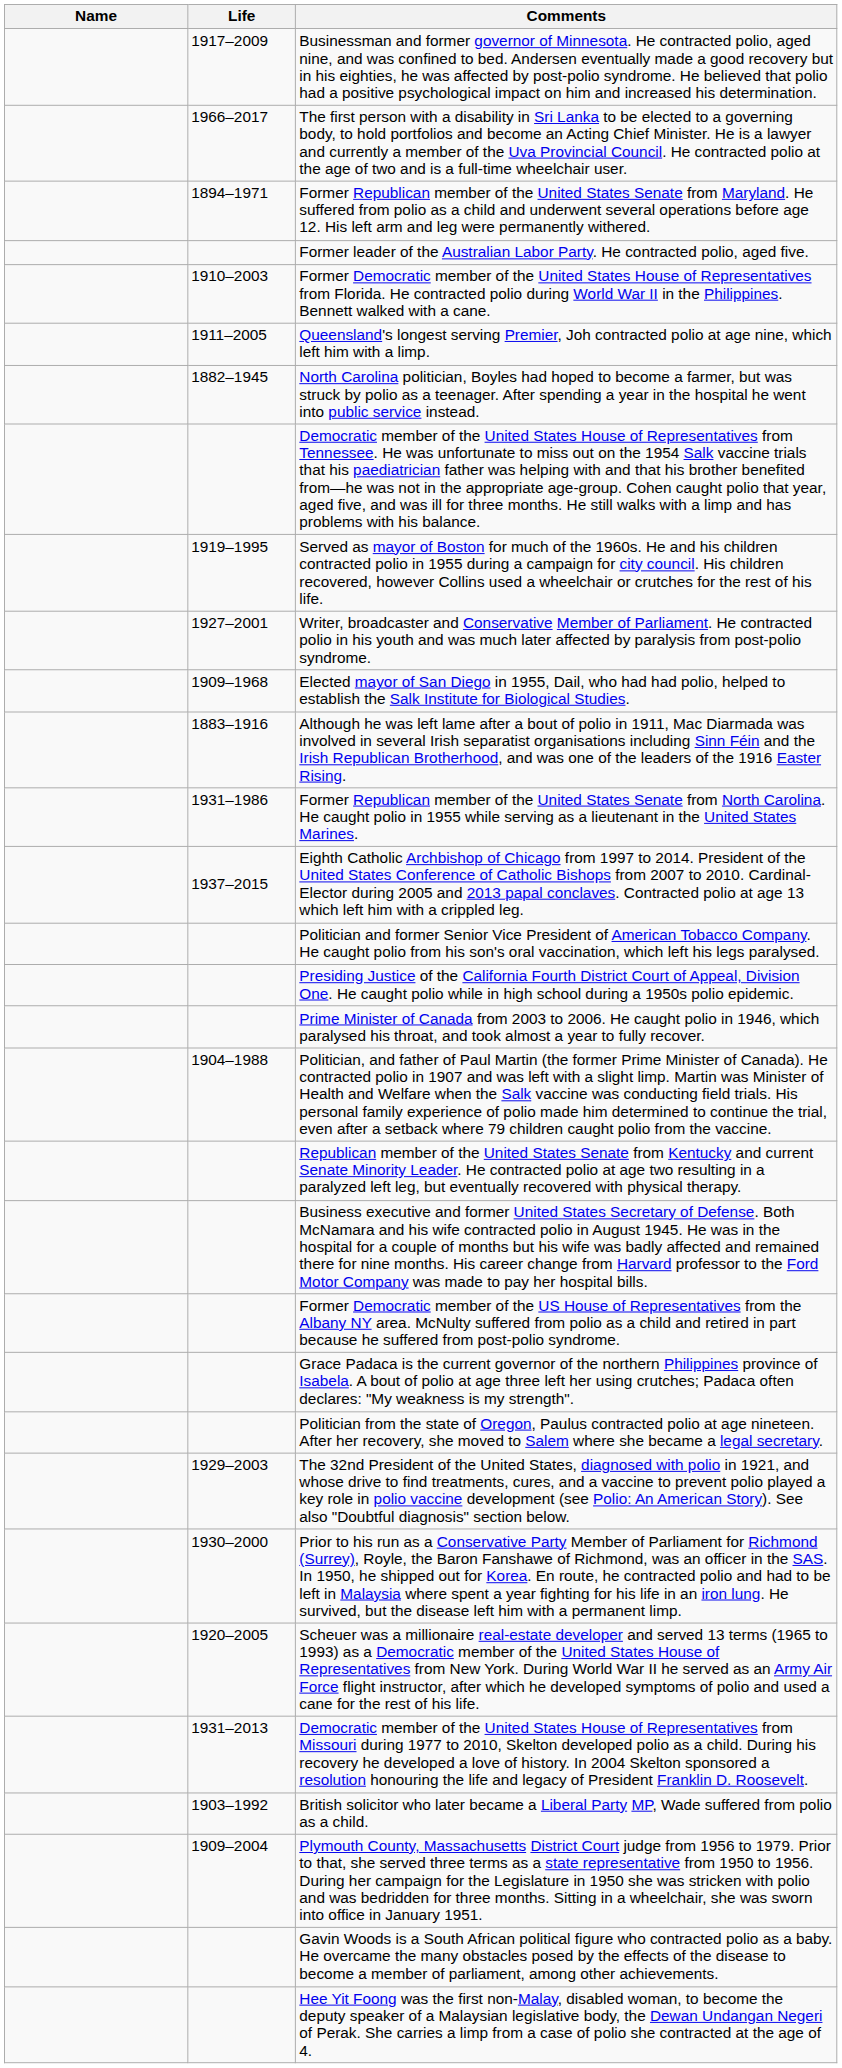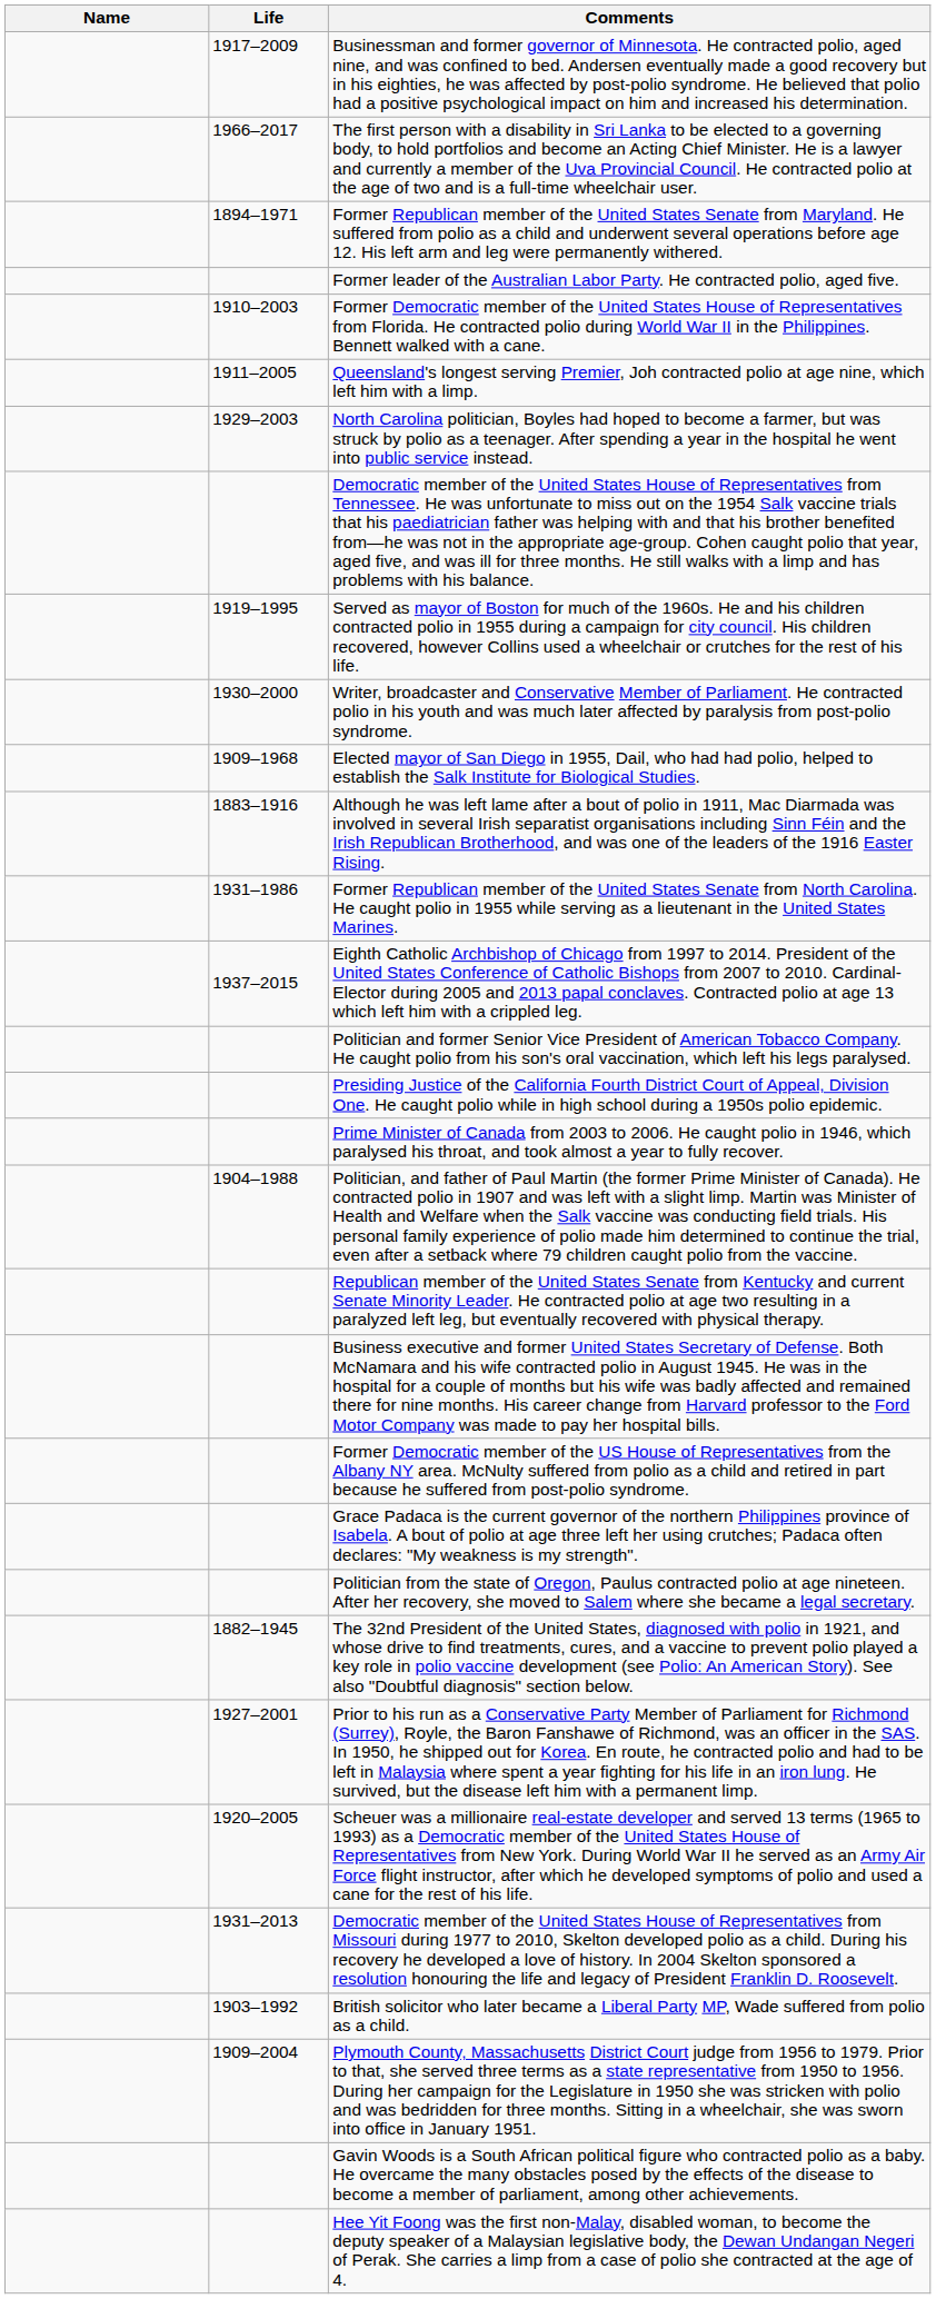 <table class="sortable wikitable">
 <tr>
 <th width="22%">Name</th>
 <th width="13%">Life</th>
 <th class="unsortable" width="65%">Comments</th>
 </tr>
 <tr valign="top">
 <td></td>
 <td>1917–2009</td>
 <td>Businessman and former <a href='#'>governor of Minnesota</a>. He contracted polio, aged nine, and was confined to bed. Andersen eventually made a good recovery but in his eighties, he was affected by post-polio syndrome. He believed that polio had a positive psychological impact on him and increased his determination.</td>
 </tr>
 <tr valign="top">
 <td></td>
 <td>1966–2017</td>
 <td>The first person with a disability in <a href='#'>Sri Lanka</a> to be elected to a governing body, to hold portfolios and become an Acting Chief Minister. He is a lawyer and currently a member of the <a href='#'>Uva Provincial Council</a>. He contracted polio at the age of two and is a full-time wheelchair user.</td>
 </tr>
 <tr valign="top">
 <td></td>
 <td>1894–1971</td>
 <td>Former <a href='#'>Republican</a> member of the <a href='#'>United States Senate</a> from <a href='#'>Maryland</a>. He suffered from polio as a child and underwent several operations before age 12. His left arm and leg were permanently withered.</td>
 </tr>
 <tr valign="top">
 <td></td>
 <td></td>
 <td>Former leader of the <a href='#'>Australian Labor Party</a>. He contracted polio, aged five.</td>
 </tr>
 <tr valign="top">
 <td></td>
 <td>1910–2003</td>
 <td>Former <a href='#'>Democratic</a> member of the <a href='#'>United States House of Representatives</a> from Florida. He contracted polio during <a href='#'>World War II</a> in the <a href='#'>Philippines</a>. Bennett walked with a cane.</td>
 </tr>
 <tr valign="top">
 <td></td>
 <td>1911–2005</td>
 <td><a href='#'>Queensland</a>'s longest serving <a href='#'>Premier</a>, Joh contracted polio at age nine, which left him with a limp.</td>
 </tr>
 <tr valign="top">
 <td></td>
-<td>1882–1945</td>
+<td>1929–2003</td>
 <td><a href='#'>North Carolina</a> politician, Boyles had hoped to become a farmer, but was struck by polio as a teenager. After spending a year in the hospital he went into <a href='#'>public service</a> instead.</td>
 </tr>
 <tr valign="top">
 <td></td>
 <td></td>
 <td><a href='#'>Democratic</a> member of the <a href='#'>United States House of Representatives</a> from <a href='#'>Tennessee</a>. He was unfortunate to miss out on the 1954 <a href='#'>Salk</a> vaccine trials that his <a href='#'>paediatrician</a> father was helping with and that his brother benefited from—he was not in the appropriate age-group. Cohen caught polio that year, aged five, and was ill for three months. He still walks with a limp and has problems with his balance.</td>
 </tr>
 <tr valign="top">
 <td></td>
 <td>1919–1995</td>
 <td>Served as <a href='#'>mayor of Boston</a> for much of the 1960s. He and his children contracted polio in 1955 during a campaign for <a href='#'>city council</a>. His children recovered, however Collins used a wheelchair or crutches for the rest of his life.</td>
 </tr>
 <tr valign="top">
 <td></td>
-<td>1927–2001</td>
+<td>1930–2000</td>
 <td>Writer, broadcaster and <a href='#'>Conservative</a> <a href='#'>Member of Parliament</a>. He contracted polio in his youth and was much later affected by paralysis from post-polio syndrome.</td>
 </tr>
 <tr valign="top">
 <td></td>
 <td>1909–1968</td>
 <td>Elected <a href='#'>mayor of San Diego</a> in 1955, Dail, who had had polio, helped to establish the <a href='#'>Salk Institute for Biological Studies</a>.</td>
 </tr>
 <tr valign="top">
 <td></td>
 <td>1883–1916</td>
 <td>Although he was left lame after a bout of polio in 1911, Mac Diarmada was involved in several Irish separatist organisations including <a href='#'>Sinn Féin</a> and the <a href='#'>Irish Republican Brotherhood</a>, and was one of the leaders of the 1916 <a href='#'>Easter Rising</a>.</td>
 </tr>
 <tr valign="top">
 <td></td>
 <td>1931–1986</td>
 <td>Former <a href='#'>Republican</a> member of the <a href='#'>United States Senate</a> from <a href='#'>North Carolina</a>. He caught polio in 1955 while serving as a lieutenant in the <a href='#'>United States Marines</a>.</td>
 </tr>
 <tr>
 <td></td>
 <td>1937–2015</td>
 <td>Eighth Catholic <a href='#'>Archbishop of Chicago</a> from 1997 to 2014. President of the <a href='#'>United States Conference of Catholic Bishops</a> from 2007 to 2010. Cardinal-Elector during 2005 and <a href='#'>2013 papal conclaves</a>. Contracted polio at age 13 which left him with a crippled leg.</td>
 </tr>
 <tr valign="top">
 <td></td>
 <td></td>
 <td>Politician and former Senior Vice President of <a href='#'>American Tobacco Company</a>. He caught polio from his son's oral vaccination, which left his legs paralysed.</td>
 </tr>
 <tr valign="top">
 <td></td>
 <td></td>
 <td><a href='#'>Presiding Justice</a> of the <a href='#'>California Fourth District Court of Appeal, Division One</a>.  He caught polio while in high school during a 1950s polio epidemic.</td>
 </tr>
 <tr valign="top">
 <td></td>
 <td></td>
 <td><a href='#'>Prime Minister of Canada</a> from 2003 to 2006. He caught polio in 1946, which paralysed his throat, and took almost a year to fully recover.</td>
 </tr>
 <tr valign="top">
 <td></td>
 <td>1904–1988</td>
 <td>Politician, and father of Paul Martin (the former Prime Minister of Canada). He contracted polio in 1907 and was left with a slight limp. Martin was Minister of Health and Welfare when the <a href='#'>Salk</a> vaccine was conducting field trials. His personal family experience of polio made him determined to continue the trial, even after a setback where 79 children caught polio from the vaccine.</td>
 </tr>
 <tr valign="top">
 <td></td>
 <td></td>
 <td><a href='#'>Republican</a> member of the <a href='#'>United States Senate</a> from <a href='#'>Kentucky</a> and current <a href='#'>Senate Minority Leader</a>. He contracted polio at age two resulting in a paralyzed left leg, but eventually recovered with physical therapy.</td>
 </tr>
 <tr valign="top">
 <td></td>
 <td></td>
 <td>Business executive and former <a href='#'>United States Secretary of Defense</a>. Both McNamara and his wife contracted polio in August 1945. He was in the hospital for a couple of months but his wife was badly affected and remained there for nine months. His career change from <a href='#'>Harvard</a> professor to the <a href='#'>Ford Motor Company</a> was made to pay her hospital bills.</td>
 </tr>
 <tr valign="top">
 <td></td>
 <td></td>
 <td>Former <a href='#'>Democratic</a> member of the <a href='#'>US House of Representatives</a> from the <a href='#'>Albany NY</a> area. McNulty suffered from polio as a child and retired in part because he suffered from post-polio syndrome.</td>
 </tr>
 <tr valign="top">
 <td></td>
 <td></td>
 <td>Grace Padaca is the current governor of the northern <a href='#'>Philippines</a> province of <a href='#'>Isabela</a>. A bout of polio at age three left her using crutches; Padaca often declares: "My weakness is my strength".</td>
 </tr>
 <tr valign="top">
 <td></td>
 <td></td>
 <td>Politician from the state of <a href='#'>Oregon</a>, Paulus contracted polio at age nineteen. After her recovery, she moved to <a href='#'>Salem</a> where she became a <a href='#'>legal secretary</a>.</td>
 </tr>
 <tr valign="top">
 <td></td>
-<td>1929–2003</td>
+<td>1882–1945</td>
 <td>The 32nd President of the United States, <a href='#'>diagnosed with polio</a> in 1921, and whose drive to find treatments, cures, and a vaccine to prevent polio played a key role in <a href='#'>polio vaccine</a> development (see <a href='#'>Polio: An American Story</a>). See also "Doubtful diagnosis" section below.</td>
 </tr>
 <tr valign="top">
 <td></td>
-<td>1930–2000</td>
+<td>1927–2001</td>
 <td>Prior to his run as a <a href='#'>Conservative Party</a> Member of Parliament for <a href='#'>Richmond (Surrey)</a>, Royle, the Baron Fanshawe of Richmond, was an officer in the <a href='#'>SAS</a>. In 1950, he shipped out for <a href='#'>Korea</a>. En route, he contracted polio and had to be left in <a href='#'>Malaysia</a> where spent a year fighting for his life in an <a href='#'>iron lung</a>. He survived, but the disease left him with a permanent limp.</td>
 </tr>
 <tr valign="top">
 <td></td>
 <td>1920–2005</td>
 <td>Scheuer was a millionaire <a href='#'>real-estate developer</a> and served 13 terms (1965 to 1993) as a <a href='#'>Democratic</a> member of the <a href='#'>United States House of Representatives</a> from New York. During World War II he served as an <a href='#'>Army Air Force</a> flight instructor, after which he developed symptoms of polio and used a cane for the rest of his life.</td>
 </tr>
 <tr valign="top">
 <td></td>
 <td>1931–2013</td>
 <td><a href='#'>Democratic</a> member of the <a href='#'>United States House of Representatives</a> from <a href='#'>Missouri</a> during 1977 to 2010, Skelton developed polio as a child. During his recovery he developed a love of history. In 2004 Skelton sponsored a <a href='#'>resolution</a> honouring the life and legacy of President <a href='#'>Franklin D. Roosevelt</a>.</td>
 </tr>
 <tr valign="top">
 <td></td>
 <td>1903–1992</td>
 <td>British solicitor who later became a <a href='#'>Liberal Party</a> <a href='#'>MP</a>, Wade suffered from polio as a child.</td>
 </tr>
 <tr valign="top">
 <td></td>
 <td>1909–2004</td>
 <td><a href='#'>Plymouth County, Massachusetts</a> <a href='#'>District Court</a> judge from 1956 to 1979. Prior to that, she served three terms as a <a href='#'>state representative</a> from 1950 to 1956. During her campaign for the Legislature in 1950 she was stricken with polio and was bedridden for three months. Sitting in a wheelchair, she was sworn into office in January 1951.</td>
 </tr>
 <tr valign="top">
 <td></td>
 <td></td>
 <td>Gavin Woods is a South African political figure who contracted polio as a baby. He overcame the many obstacles posed by the effects of the disease to become a member of parliament, among other achievements.</td>
 </tr>
 <tr valign="top">
 <td></td>
 <td></td>
 <td><a href='#'>Hee Yit Foong</a> was the first non-<a href='#'>Malay</a>, disabled woman, to become the deputy speaker of a Malaysian legislative body, the <a href='#'>Dewan Undangan Negeri</a> of Perak. She carries a limp from a case of polio she contracted at the age of 4.</td>
 </tr>
 </table>
